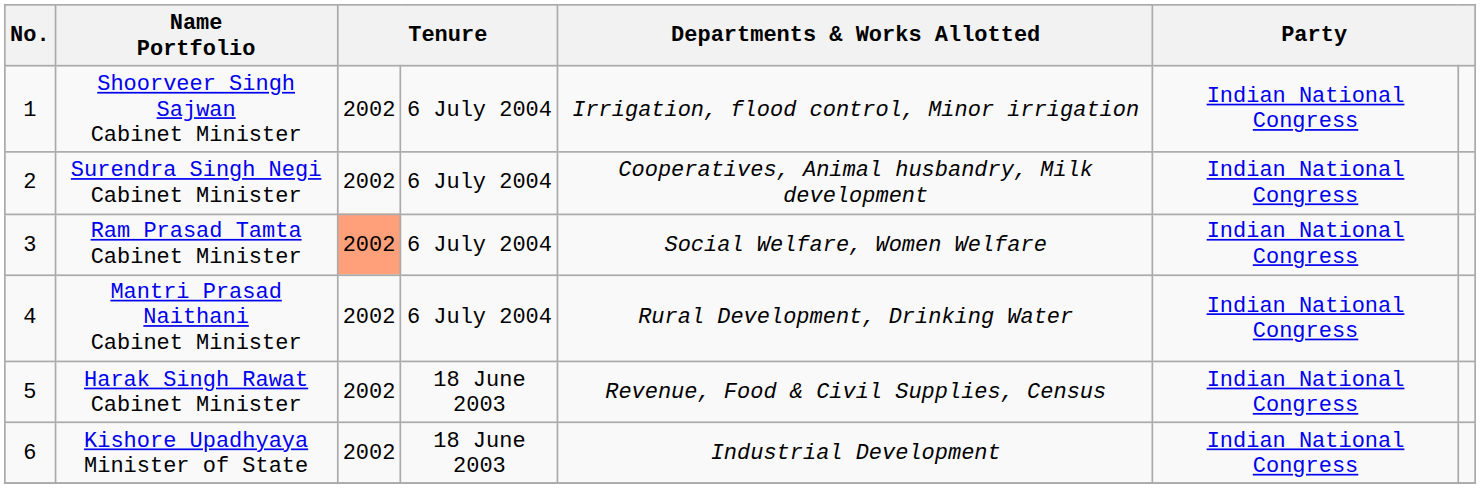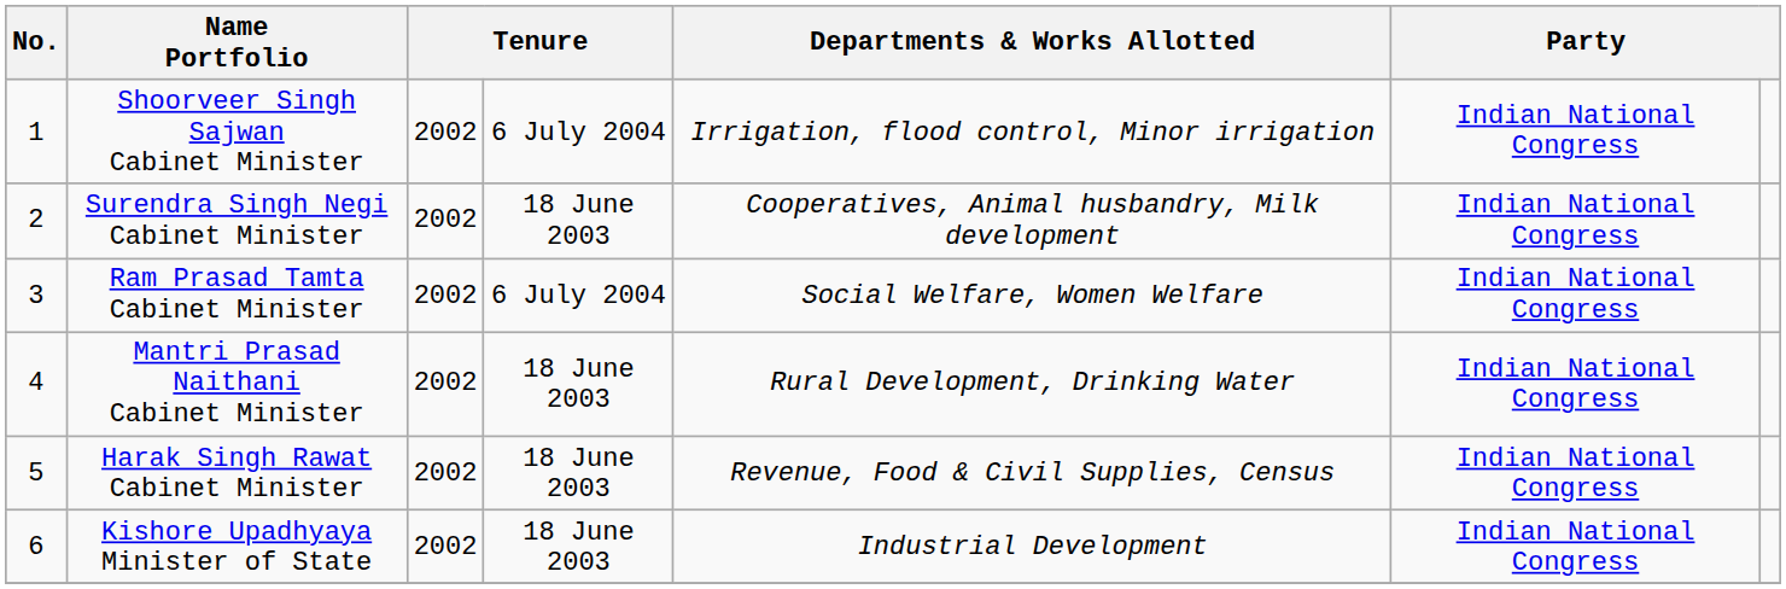 <table class="wikitable">
 <tr>
 <th scope=col>No.</th>
 <th>Name<br>Portfolio<br></th>
 <th colspan="2" scope="col">Tenure</th>
 <th scope=col>Departments & Works Allotted<br></th>
 <th colspan="2" scope="col">Party</th>
 </tr>
 <tr style="text-align:center;">
 <td>1</td>
 <td><a href='#'>Shoorveer Singh Sajwan</a><br>Cabinet Minister<br></td>
 <td>2002</td>
 <td>6 July 2004</td>
 <td><em>Irrigation, flood control, Minor irrigation</em></td>
 <td><a href='#'>Indian National Congress</a></td>
 <td width="4px" style="background-color: "></td>
 </tr>
 <tr style="text-align:center;">
 <td>2</td>
 <td><a href='#'>Surendra Singh Negi</a><br>Cabinet Minister<br></td>
 <td>2002</td>
-<td>6 July 2004</td>
+<td>18 June 2003</td>
 <td><em>Cooperatives, Animal husbandry, Milk development</em></td>
 <td><a href='#'>Indian National Congress</a></td>
 <td width="4px" style="background-color: "></td>
 </tr>
 <tr style="text-align:center;">
 <td>3</td>
 <td><a href='#'>Ram Prasad Tamta</a><br>Cabinet Minister<br></td>
-<td style="background: lightsalmon;">2002</td>
+<td>2002</td>
 <td>6 July 2004</td>
 <td><em>Social Welfare, Women Welfare</em></td>
 <td><a href='#'>Indian National Congress</a></td>
 <td width="4px" style="background-color: "></td>
 </tr>
 <tr style="text-align:center;">
 <td>4</td>
 <td><a href='#'>Mantri Prasad Naithani</a><br>Cabinet Minister<br></td>
 <td>2002</td>
-<td>6 July 2004</td>
+<td>18 June 2003</td>
 <td><em>Rural Development, Drinking Water</em></td>
 <td><a href='#'>Indian National Congress</a></td>
 <td width="4px" style="background-color: "></td>
 </tr>
 <tr style="text-align:center;">
 <td>5</td>
 <td><a href='#'>Harak Singh Rawat</a><br>Cabinet Minister<br></td>
 <td>2002</td>
 <td>18 June 2003</td>
 <td><em>Revenue, Food & Civil Supplies, Census</em></td>
 <td><a href='#'>Indian National Congress</a></td>
 <td width="4px" style="background-color: "></td>
 </tr>
 <tr style="text-align:center;">
 <td>6</td>
 <td><a href='#'>Kishore Upadhyaya</a><br>Minister of State<br></td>
 <td>2002</td>
 <td>18 June 2003</td>
 <td><em>Industrial Development</em></td>
 <td><a href='#'>Indian National Congress</a></td>
 <td width="4px" style="background-color: "></td>
 </tr>
 <tr style="text-align:center;">
 </tr>
 </table>
